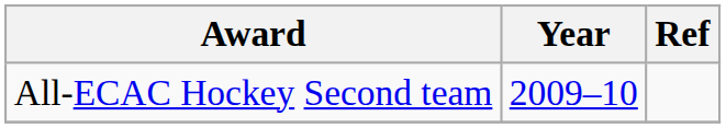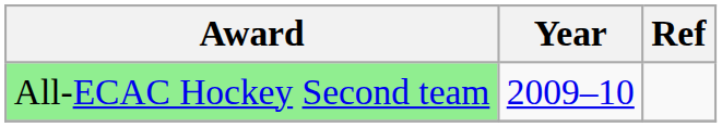 <table class="wikitable">
 <tr>
 <th>Award</th>
 <th>Year</th>
 <th>Ref</th>
 </tr>
 <tr>
-<td>All-<a href='#'>ECAC Hockey</a> <a href='#'>Second team</a></td>
+<td style="background: lightgreen;">All-<a href='#'>ECAC Hockey</a> <a href='#'>Second team</a></td>
 <td><a href='#'>2009–10</a></td>
 <td></td>
 </tr>
 <tr>
 </tr>
 </table>
